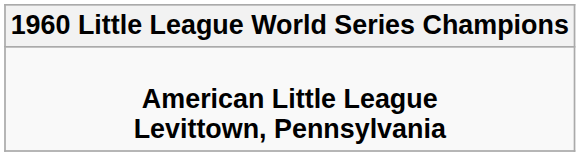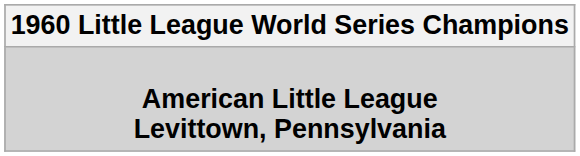 <table class="wikitable" style="text-align: center; margin: 0 auto;">
 <tr>
 <th>1960 Little League World Series Champions</th>
 </tr>
 <tr>
-<td> <br><strong>American Little League</strong><br><strong>Levittown, Pennsylvania</strong></td>
+<td style="background: lightgrey;"> <br><strong>American Little League</strong><br><strong>Levittown, Pennsylvania</strong></td>
 </tr>
 </table>
